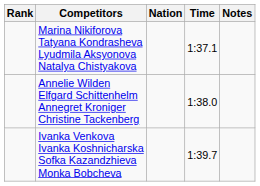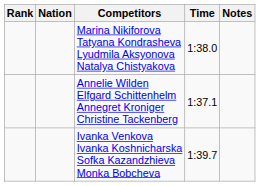 <table class="wikitable sortable" style="text-align:center; font-size:95%">
 <tr>
 <th>Rank</th>
+<th>Nation</th>
 <th>Competitors</th>
-<th>Nation</th>
 <th>Time</th>
 <th>Notes</th>
 </tr>
 <tr>
 <td></td>
+<td align=left></td>
 <td align=left><a href='#'>Marina Nikiforova</a><br><a href='#'>Tatyana Kondrasheva</a><br><a href='#'>Lyudmila Aksyonova</a><br><a href='#'>Natalya Chistyakova</a></td>
+<td>1:38.0</td>
+<td></td>
+</tr>
+<tr>
+<td></td>
 <td align=left></td>
+<td align=left><a href='#'>Annelie Wilden</a><br><a href='#'>Elfgard Schittenhelm</a><br><a href='#'>Annegret Kroniger</a><br><a href='#'>Christine Tackenberg</a></td>
 <td>1:37.1</td>
 <td></td>
 </tr>
 <tr>
 <td></td>
-<td align=left><a href='#'>Annelie Wilden</a><br><a href='#'>Elfgard Schittenhelm</a><br><a href='#'>Annegret Kroniger</a><br><a href='#'>Christine Tackenberg</a></td>
 <td align=left></td>
-<td>1:38.0</td>
-<td></td>
-</tr>
-<tr>
-<td></td>
 <td align=left><a href='#'>Ivanka Venkova</a><br><a href='#'>Ivanka Koshnicharska</a><br><a href='#'>Sofka Kazandzhieva</a><br><a href='#'>Monka Bobcheva</a></td>
-<td align=left></td>
 <td>1:39.7</td>
 <td></td>
 </tr>
 </table>
